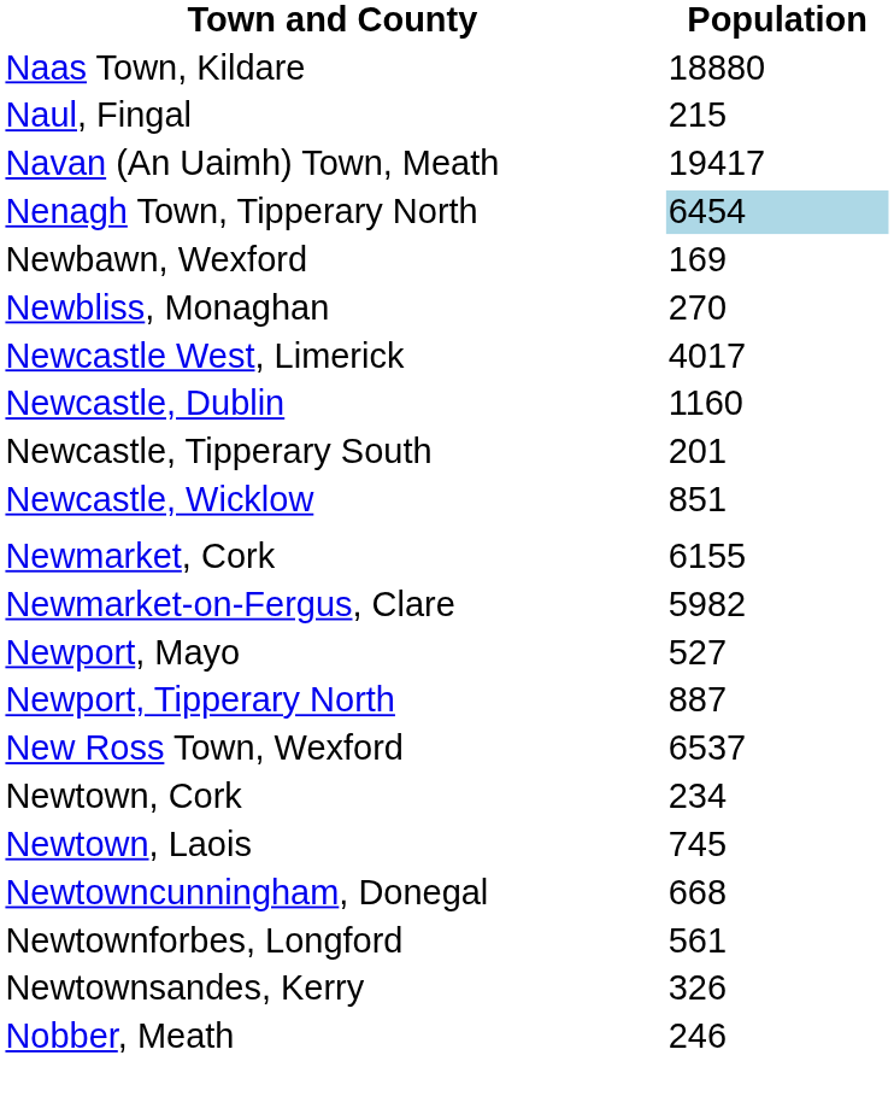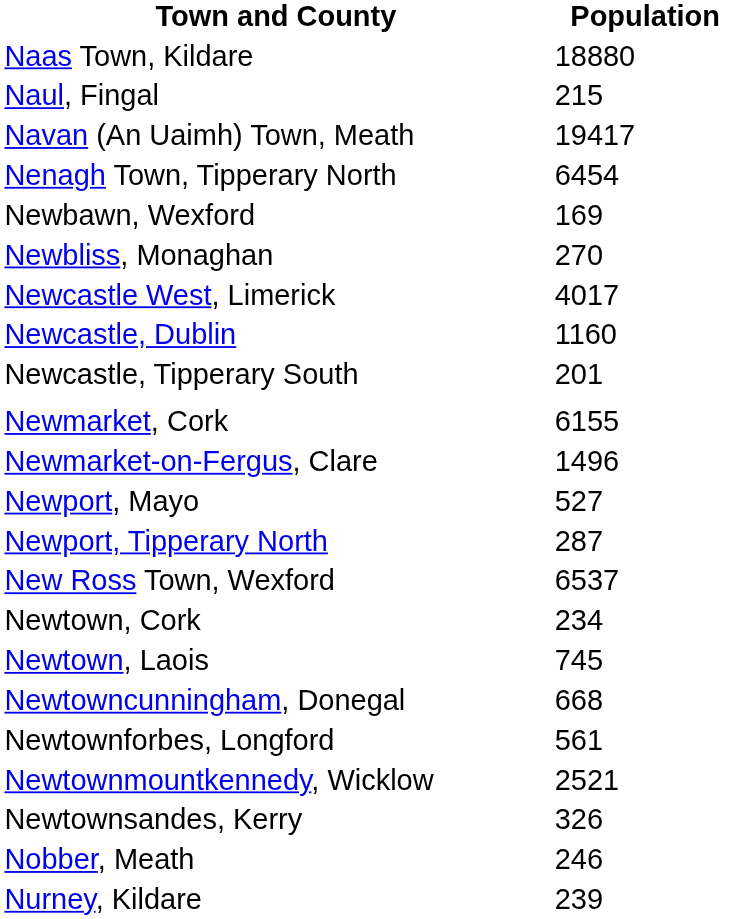 <table>
 <tr>
 <th style="width:300px;align:left;">Town and County</th>
 <th style="width:100px;align:right;">Population</th>
 </tr>
 <tr>
 <td><a href='#'>Naas</a> Town, Kildare</td>
 <td>18880</td>
 </tr>
 <tr>
 <td><a href='#'>Naul</a>, Fingal</td>
 <td>215</td>
 </tr>
 <tr>
 <td><a href='#'>Navan</a> (An Uaimh) Town, Meath</td>
 <td>19417</td>
 </tr>
 <tr>
 <td><a href='#'>Nenagh</a> Town, Tipperary North</td>
-<td style="background: lightblue;">6454</td>
+<td>6454</td>
 </tr>
 <tr>
 <td>Newbawn, Wexford</td>
 <td>169</td>
 </tr>
 <tr>
 <td><a href='#'>Newbliss</a>, Monaghan</td>
 <td>270</td>
 </tr>
 <tr>
 <td><a href='#'>Newcastle West</a>, Limerick</td>
 <td>4017</td>
 </tr>
 <tr>
 <td><a href='#'>Newcastle, Dublin</a></td>
 <td>1160</td>
 </tr>
 <tr>
 <td>Newcastle, Tipperary South</td>
 <td>201</td>
 </tr>
 <tr>
-<td><a href='#'>Newcastle, Wicklow</a></td>
-<td>851</td>
-</tr>
-<tr>
 </tr>
 <tr>
 </tr>
 <tr>
 <td><a href='#'>Newmarket</a>, Cork</td>
 <td>6155</td>
 </tr>
 <tr>
 <td><a href='#'>Newmarket-on-Fergus</a>, Clare</td>
-<td>5982</td>
+<td>1496</td>
 </tr>
 <tr>
 <td><a href='#'>Newport</a>, Mayo</td>
 <td>527</td>
 </tr>
 <tr>
 <td><a href='#'>Newport, Tipperary North</a></td>
-<td>887</td>
+<td>287</td>
 </tr>
 <tr>
 <td><a href='#'>New Ross</a> Town, Wexford</td>
 <td>6537</td>
 </tr>
 <tr>
 <td>Newtown, Cork</td>
 <td>234</td>
 </tr>
 <tr>
 <td><a href='#'>Newtown</a>, Laois</td>
 <td>745</td>
 </tr>
 <tr>
 <td><a href='#'>Newtowncunningham</a>, Donegal</td>
 <td>668</td>
 </tr>
 <tr>
 <td>Newtownforbes, Longford</td>
 <td>561</td>
 </tr>
 <tr>
+<td><a href='#'>Newtownmountkennedy</a>, Wicklow</td>
+<td>2521</td>
+</tr>
+<tr>
 <td>Newtownsandes, Kerry</td>
 <td>326</td>
 </tr>
 <tr>
 <td><a href='#'>Nobber</a>, Meath</td>
 <td>246</td>
 </tr>
+<tr>
+<td><a href='#'>Nurney</a>, Kildare</td>
+<td>239</td>
+</tr>
 </table>
